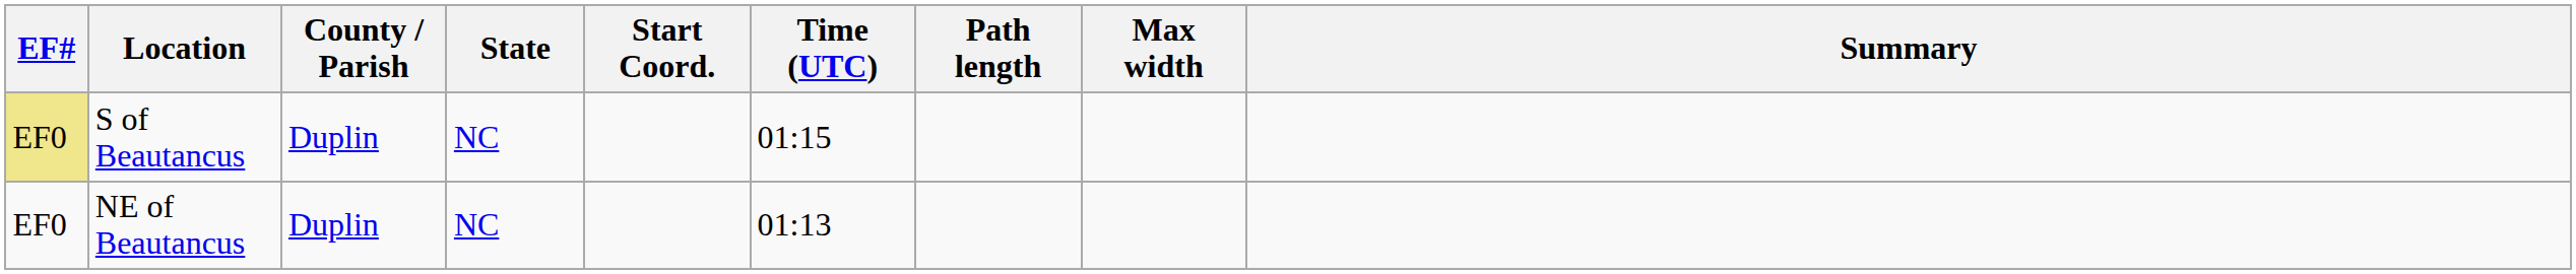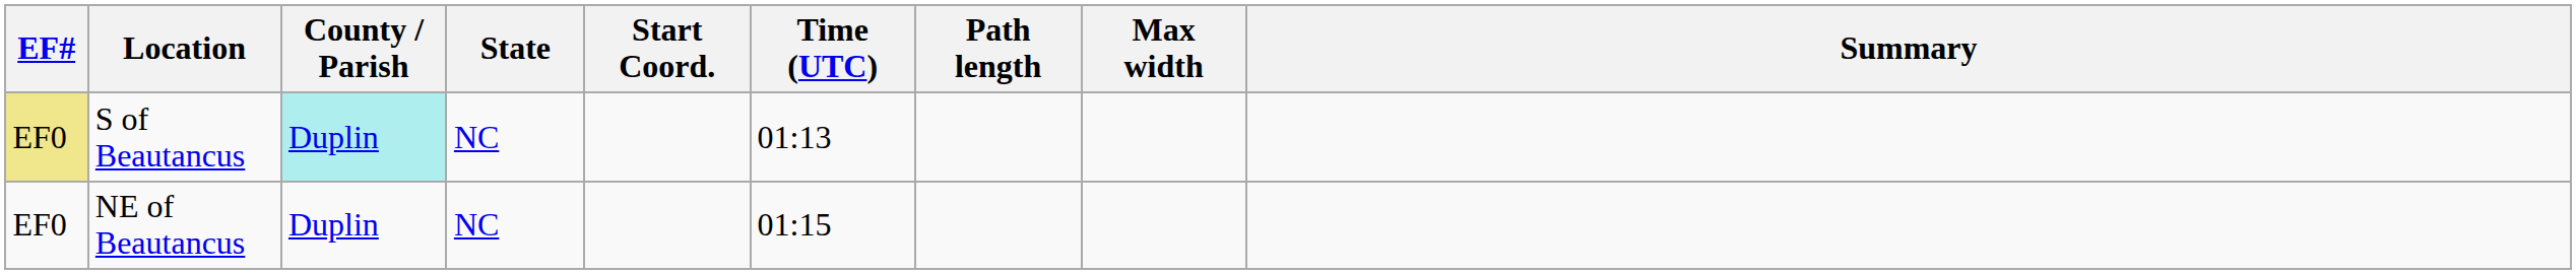 <table class="wikitable sortable" style="width:100%;">
 <tr>
 <th scope="col"  style="width:3%; text-align:center;"><a href='#'>EF#</a></th>
 <th scope="col"  style="width:7%; text-align:center;" class="unsortable">Location</th>
 <th scope="col"  style="width:6%; text-align:center;" class="unsortable">County / Parish</th>
 <th scope="col"  style="width:5%; text-align:center;">State</th>
 <th scope="col"  style="width:6%; text-align:center;">Start Coord.</th>
 <th scope="col"  style="width:6%; text-align:center;">Time (<a href='#'>UTC</a>)</th>
 <th scope="col"  style="width:6%; text-align:center;">Path length</th>
 <th scope="col"  style="width:6%; text-align:center;">Max width</th>
 <th scope="col" class="unsortable" style="width:48%; text-align:center;">Summary</th>
 </tr>
 <tr>
 <td style="background: khaki;">EF0</td>
 <td>S of <a href='#'>Beautancus</a></td>
-<td><a href='#'>Duplin</a></td>
+<td style="background: paleturquoise;"><a href='#'>Duplin</a></td>
 <td><a href='#'>NC</a></td>
 <td></td>
-<td>01:15</td>
+<td>01:13</td>
 <td></td>
 <td></td>
 <td></td>
 </tr>
 <tr>
 <td>EF0</td>
 <td>NE of <a href='#'>Beautancus</a></td>
 <td><a href='#'>Duplin</a></td>
 <td><a href='#'>NC</a></td>
 <td></td>
-<td>01:13</td>
+<td>01:15</td>
 <td></td>
 <td></td>
 <td></td>
 </tr>
 <tr>
 </tr>
 </table>
